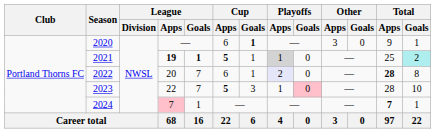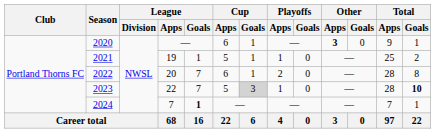 <table class="wikitable" style="text-align:center">
 <tr>
 <th rowspan="2">Club</th>
 <th rowspan="2">Season</th>
 <th colspan="3">League</th>
 <th colspan="2">Cup</th>
 <th colspan="2">Playoffs</th>
 <th colspan="2">Other</th>
 <th colspan="2">Total</th>
 </tr>
 <tr>
 <th>Division</th>
 <th>Apps</th>
 <th>Goals</th>
 <th>Apps</th>
 <th>Goals</th>
 <th>Apps</th>
 <th>Goals</th>
 <th>Apps</th>
 <th>Goals</th>
 <th>Apps</th>
 <th>Goals</th>
 </tr>
 <tr>
 <td rowspan="5"><a href='#'>Portland Thorns FC</a></td>
 <td><a href='#'>2020</a></td>
 <td rowspan="5"><a href='#'>NWSL</a></td>
 <td colspan="2">—</td>
 <td>6</td>
-<td><strong>1</strong></td>
+<td>1</td>
 <td colspan="2">—</td>
-<td>3</td>
+<td><strong>3</strong></td>
 <td>0</td>
 <td>9</td>
 <td>1</td>
 </tr>
 <tr>
 <td><a href='#'>2021</a></td>
-<td><strong>19</strong></td>
-<td><strong>1</strong></td>
-<td><strong>5</strong></td>
+<td>19</td>
 <td>1</td>
-<td style="background: lightgrey;">1</td>
+<td>5</td>
+<td>1</td>
+<td>1</td>
 <td>0</td>
 <td colspan="2">—</td>
 <td>25</td>
-<td style="background: paleturquoise;">2</td>
+<td>2</td>
 </tr>
 <tr>
 <td><a href='#'>2022</a></td>
 <td>20</td>
 <td>7</td>
 <td>6</td>
 <td>1</td>
-<td style="background: lavender;">2</td>
+<td>2</td>
 <td>0</td>
 <td colspan="2">—</td>
-<td><strong>28</strong></td>
+<td>28</td>
 <td>8</td>
 </tr>
 <tr>
 <td><a href='#'>2023</a></td>
 <td>22</td>
 <td>7</td>
-<td><strong>5</strong></td>
-<td>3</td>
+<td>5</td>
+<td style="background: lightgrey;">3</td>
 <td>1</td>
-<td style="background: pink;">0</td>
+<td>0</td>
 <td colspan="2">—</td>
 <td>28</td>
-<td>10</td>
+<td><strong>10</strong></td>
 </tr>
 <tr>
 <td><a href='#'>2024</a></td>
-<td style="background: pink;">7</td>
-<td>1</td>
+<td>7</td>
+<td><strong>1</strong></td>
 <td colspan="2">—</td>
 <td colspan="2">—</td>
 <td colspan="2">—</td>
-<td><strong>7</strong></td>
+<td>7</td>
 <td>1</td>
 </tr>
 <tr>
 <th colspan="3">Career total</th>
 <th>68</th>
 <th>16</th>
 <th>22</th>
 <th>6</th>
 <th>4</th>
 <th>0</th>
 <th>3</th>
 <th>0</th>
 <th>97</th>
 <th>22</th>
 </tr>
 </table>
